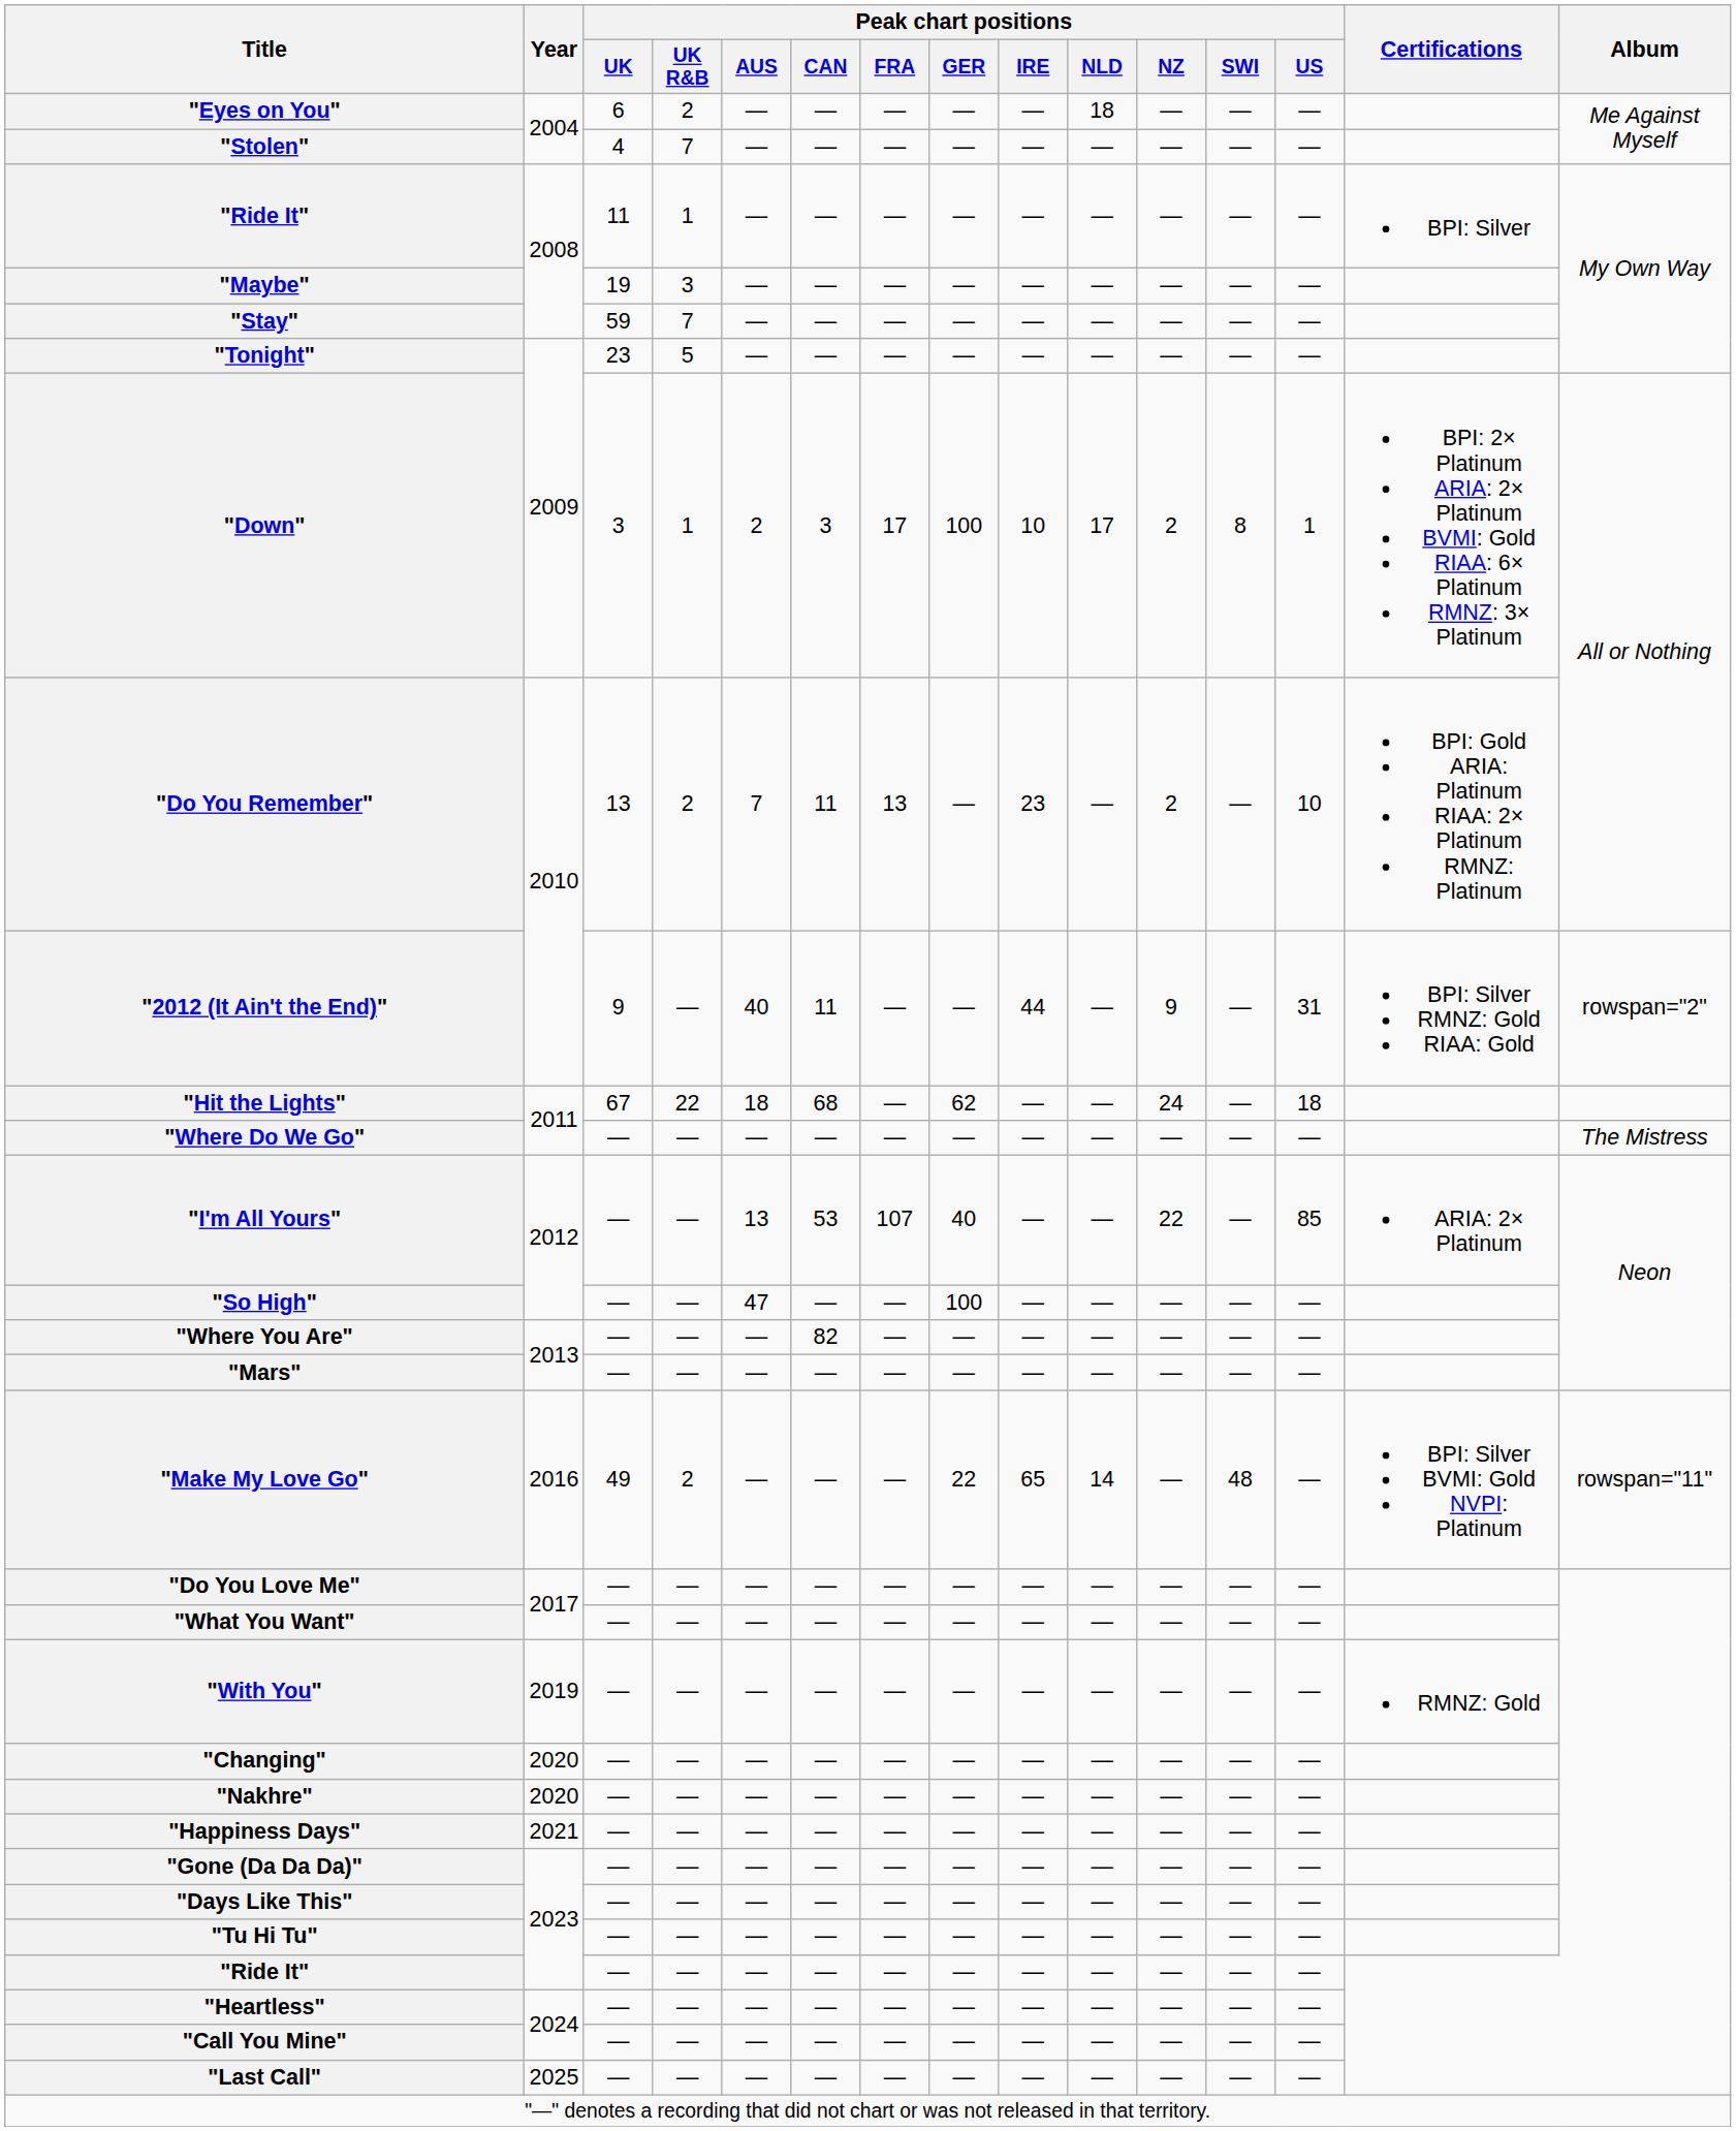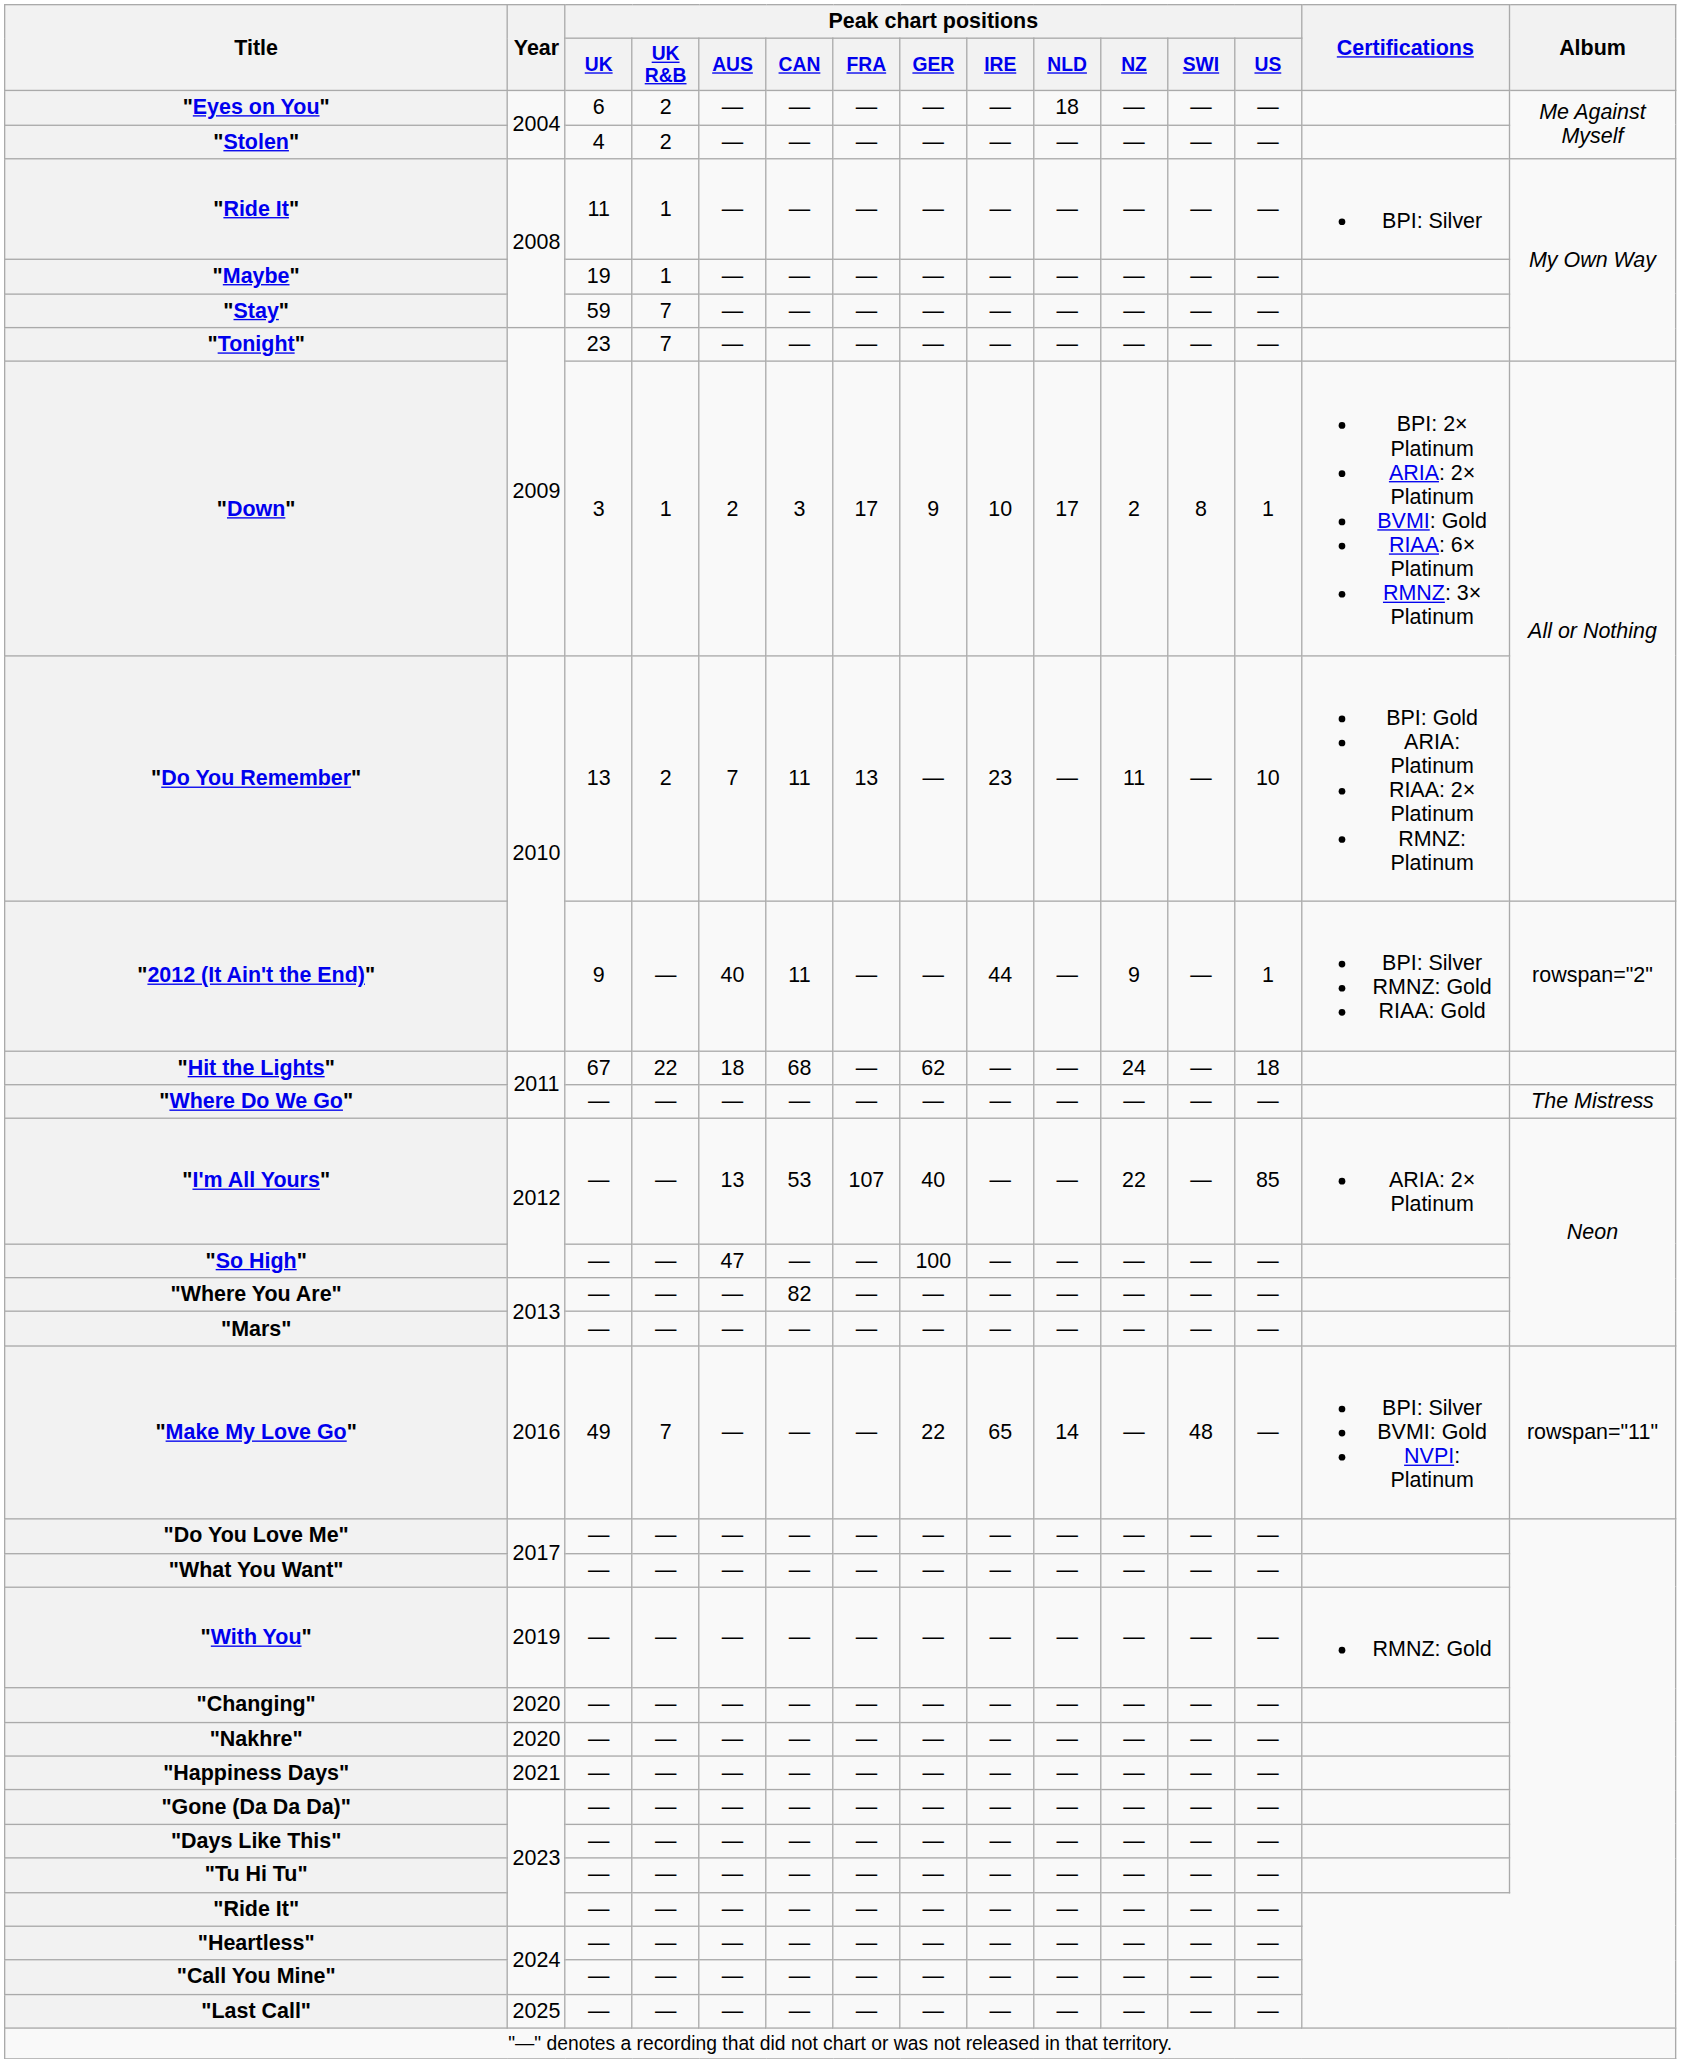 <table class="wikitable plainrowheaders" style="text-align:center;" border="1">
 <tr>
 <th scope="col" rowspan="2" style="width:23em;">Title</th>
 <th scope="col" rowspan="2" style="width:1em;">Year</th>
 <th scope="col" colspan="11">Peak chart positions</th>
 <th scope="col" rowspan="2"><a href='#'>Certifications</a></th>
 <th scope="col" rowspan="2">Album</th>
 </tr>
 <tr>
 <th scope="col" style="width:3em;font-size:90%;"><a href='#'>UK</a><br></th>
 <th scope="col" style="width:3em;font-size:90%;"><a href='#'>UK R&B</a><br></th>
 <th scope="col" style="width:3em;font-size:90%;"><a href='#'>AUS</a><br></th>
 <th scope="col" style="width:3em;font-size:90%;"><a href='#'>CAN</a><br></th>
 <th scope="col" style="width:3em;font-size:90%;"><a href='#'>FRA</a><br></th>
 <th scope="col" style="width:3em;font-size:90%;"><a href='#'>GER</a><br></th>
 <th scope="col" style="width:3em;font-size:90%;"><a href='#'>IRE</a><br></th>
 <th scope="col" style="width:3em;font-size:90%;"><a href='#'>NLD</a><br></th>
 <th scope="col" style="width:3em;font-size:90%;"><a href='#'>NZ</a><br></th>
 <th scope="col" style="width:3em;font-size:90%;"><a href='#'>SWI</a><br></th>
 <th scope="col" style="width:3em;font-size:90%;"><a href='#'>US</a><br></th>
 </tr>
 <tr>
 <th scope="row">"<a href='#'>Eyes on You</a>"</th>
 <td rowspan="2">2004</td>
 <td>6</td>
 <td>2</td>
 <td>—</td>
 <td>—</td>
 <td>—</td>
 <td>—</td>
 <td>—</td>
 <td>18</td>
 <td>—</td>
 <td>—</td>
 <td>—</td>
 <td></td>
 <td rowspan="2"><em>Me Against Myself</em></td>
 </tr>
 <tr>
 <th scope="row">"<a href='#'>Stolen</a>"</th>
 <td>4</td>
-<td>7</td>
+<td>2</td>
 <td>—</td>
 <td>—</td>
 <td>—</td>
 <td>—</td>
 <td>—</td>
 <td>—</td>
 <td>—</td>
 <td>—</td>
 <td>—</td>
 <td></td>
 </tr>
 <tr>
 <th scope="row">"<a href='#'>Ride It</a>"</th>
 <td rowspan="3">2008</td>
 <td>11</td>
 <td>1</td>
 <td>—</td>
 <td>—</td>
 <td>—</td>
 <td>—</td>
 <td>—</td>
 <td>—</td>
 <td>—</td>
 <td>—</td>
 <td>—</td>
 <td><br><ul><li>BPI: Silver</li></ul></td>
 <td rowspan="4"><em>My Own Way</em></td>
 </tr>
 <tr>
 <th scope="row">"<a href='#'>Maybe</a>"</th>
 <td>19</td>
-<td>3</td>
+<td>1</td>
 <td>—</td>
 <td>—</td>
 <td>—</td>
 <td>—</td>
 <td>—</td>
 <td>—</td>
 <td>—</td>
 <td>—</td>
 <td>—</td>
 <td></td>
 </tr>
 <tr>
 <th scope="row">"<a href='#'>Stay</a>"</th>
 <td>59</td>
 <td>7</td>
 <td>—</td>
 <td>—</td>
 <td>—</td>
 <td>—</td>
 <td>—</td>
 <td>—</td>
 <td>—</td>
 <td>—</td>
 <td>—</td>
 <td></td>
 </tr>
 <tr>
 <th scope="row">"<a href='#'>Tonight</a>"</th>
 <td rowspan="2">2009</td>
 <td>23</td>
-<td>5</td>
+<td>7</td>
 <td>—</td>
 <td>—</td>
 <td>—</td>
 <td>—</td>
 <td>—</td>
 <td>—</td>
 <td>—</td>
 <td>—</td>
 <td>—</td>
 <td></td>
 </tr>
 <tr>
 <th scope="row">"<a href='#'>Down</a>"<br></th>
 <td>3</td>
 <td>1</td>
 <td>2</td>
 <td>3</td>
 <td>17</td>
-<td>100</td>
+<td>9</td>
 <td>10</td>
 <td>17</td>
 <td>2</td>
 <td>8</td>
 <td>1</td>
 <td><br><ul><li>BPI: 2× Platinum</li><li><a href='#'>ARIA</a>: 2× Platinum</li><li><a href='#'>BVMI</a>: Gold</li><li><a href='#'>RIAA</a>: 6× Platinum</li><li><a href='#'>RMNZ</a>: 3× Platinum</li></ul></td>
 <td rowspan="2"><em>All or Nothing</em></td>
 </tr>
 <tr>
 <th scope="row">"<a href='#'>Do You Remember</a>"<br></th>
 <td rowspan="2">2010</td>
 <td>13</td>
 <td>2</td>
 <td>7</td>
 <td>11</td>
 <td>13</td>
 <td>—</td>
 <td>23</td>
 <td>—</td>
-<td>2</td>
+<td>11</td>
 <td>—</td>
 <td>10</td>
 <td><br><ul><li>BPI: Gold</li><li>ARIA: Platinum</li><li>RIAA: 2× Platinum</li><li>RMNZ: Platinum</li></ul></td>
 </tr>
 <tr>
 <th scope="row">"<a href='#'>2012 (It Ain't the End)</a>"<br></th>
 <td>9</td>
 <td>—</td>
 <td>40</td>
 <td>11</td>
 <td>—</td>
 <td>—</td>
 <td>44</td>
 <td>—</td>
 <td>9</td>
 <td>—</td>
-<td>31</td>
+<td>1</td>
 <td><br><ul><li>BPI: Silver</li><li>RMNZ: Gold</li><li>RIAA: Gold</li></ul></td>
 <td>rowspan="2" </td>
 </tr>
 <tr>
 <th scope="row">"<a href='#'>Hit the Lights</a>"<br></th>
 <td rowspan="2">2011</td>
 <td>67</td>
 <td>22</td>
 <td>18</td>
 <td>68</td>
 <td>—</td>
 <td>62</td>
 <td>—</td>
 <td>—</td>
 <td>24</td>
 <td>—</td>
 <td>18</td>
 <td></td>
 </tr>
 <tr>
 <th scope="row">"<a href='#'>Where Do We Go</a>"</th>
 <td>—</td>
 <td>—</td>
 <td>—</td>
 <td>—</td>
 <td>—</td>
 <td>—</td>
 <td>—</td>
 <td>—</td>
 <td>—</td>
 <td>—</td>
 <td>—</td>
 <td></td>
 <td><em>The Mistress</em></td>
 </tr>
 <tr>
 <th scope="row">"<a href='#'>I'm All Yours</a>"<br></th>
 <td rowspan="2">2012</td>
 <td>—</td>
 <td>—</td>
 <td>13</td>
 <td>53</td>
 <td>107</td>
 <td>40</td>
 <td>—</td>
 <td>—</td>
 <td>22</td>
 <td>—</td>
 <td>85</td>
 <td><br><ul><li>ARIA: 2× Platinum</li></ul></td>
 <td rowspan="4"><em>Neon</em></td>
 </tr>
 <tr>
 <th scope="row">"<a href='#'>So High</a>"</th>
 <td>—</td>
 <td>—</td>
 <td>47</td>
 <td>—</td>
 <td>—</td>
 <td>100</td>
 <td>—</td>
 <td>—</td>
 <td>—</td>
 <td>—</td>
 <td>—</td>
 <td></td>
 </tr>
 <tr>
 <th scope="row">"Where You Are"</th>
 <td rowspan="2">2013</td>
 <td>—</td>
 <td>—</td>
 <td>—</td>
 <td>82</td>
 <td>—</td>
 <td>—</td>
 <td>—</td>
 <td>—</td>
 <td>—</td>
 <td>—</td>
 <td>—</td>
 <td></td>
 </tr>
 <tr>
 <th scope="row">"Mars"<br></th>
 <td>—</td>
 <td>—</td>
 <td>—</td>
 <td>—</td>
 <td>—</td>
 <td>—</td>
 <td>—</td>
 <td>—</td>
 <td>—</td>
 <td>—</td>
 <td>—</td>
 <td></td>
 </tr>
 <tr>
 <th scope="row">"<a href='#'>Make My Love Go</a>"<br></th>
 <td>2016</td>
 <td>49</td>
-<td>2</td>
+<td>7</td>
 <td>—</td>
 <td>—</td>
 <td>—</td>
 <td>22</td>
 <td>65</td>
 <td>14</td>
 <td>—</td>
 <td>48</td>
 <td>—</td>
 <td><br><ul><li>BPI: Silver</li><li>BVMI: Gold</li><li><a href='#'>NVPI</a>: Platinum</li></ul></td>
 <td>rowspan="11" </td>
 </tr>
 <tr>
 <th scope="row">"Do You Love Me"</th>
 <td rowspan="2">2017</td>
 <td>—</td>
 <td>—</td>
 <td>—</td>
 <td>—</td>
 <td>—</td>
 <td>—</td>
 <td>—</td>
 <td>—</td>
 <td>—</td>
 <td>—</td>
 <td>—</td>
 <td></td>
 </tr>
 <tr>
 <th scope="row">"What You Want"<br></th>
 <td>—</td>
 <td>—</td>
 <td>—</td>
 <td>—</td>
 <td>—</td>
 <td>—</td>
 <td>—</td>
 <td>—</td>
 <td>—</td>
 <td>—</td>
 <td>—</td>
 <td></td>
 </tr>
 <tr>
 <th scope="row">"<a href='#'>With You</a>"<br></th>
 <td>2019</td>
 <td>—</td>
 <td>—</td>
 <td>—</td>
 <td>—</td>
 <td>—</td>
 <td>—</td>
 <td>—</td>
 <td>—</td>
 <td>—</td>
 <td>—</td>
 <td>—</td>
 <td><br><ul><li>RMNZ: Gold</li></ul></td>
 </tr>
 <tr>
 <th scope="row">"Changing"<br></th>
 <td>2020</td>
 <td>—</td>
 <td>—</td>
 <td>—</td>
 <td>—</td>
 <td>—</td>
 <td>—</td>
 <td>—</td>
 <td>—</td>
 <td>—</td>
 <td>—</td>
 <td>—</td>
 <td></td>
 </tr>
 <tr>
 <th scope="row">"Nakhre"<br></th>
 <td>2020</td>
 <td>—</td>
 <td>—</td>
 <td>—</td>
 <td>—</td>
 <td>—</td>
 <td>—</td>
 <td>—</td>
 <td>—</td>
 <td>—</td>
 <td>—</td>
 <td>—</td>
 <td></td>
 </tr>
 <tr>
 <th scope="row">"Happiness Days"</th>
 <td>2021</td>
 <td>—</td>
 <td>—</td>
 <td>—</td>
 <td>—</td>
 <td>—</td>
 <td>—</td>
 <td>—</td>
 <td>—</td>
 <td>—</td>
 <td>—</td>
 <td>—</td>
 <td></td>
 </tr>
 <tr>
 <th scope="row">"Gone (Da Da Da)"<br></th>
 <td rowspan=4>2023</td>
 <td>—</td>
 <td>—</td>
 <td>—</td>
 <td>—</td>
 <td>—</td>
 <td>—</td>
 <td>—</td>
 <td>—</td>
 <td>—</td>
 <td>—</td>
 <td>—</td>
 <td></td>
 </tr>
 <tr>
 <th scope="row">"Days Like This"<br></th>
 <td>—</td>
 <td>—</td>
 <td>—</td>
 <td>—</td>
 <td>—</td>
 <td>—</td>
 <td>—</td>
 <td>—</td>
 <td>—</td>
 <td>—</td>
 <td>—</td>
 <td></td>
 </tr>
 <tr>
 <th scope="row">"Tu Hi Tu"</th>
 <td>—</td>
 <td>—</td>
 <td>—</td>
 <td>—</td>
 <td>—</td>
 <td>—</td>
 <td>—</td>
 <td>—</td>
 <td>—</td>
 <td>—</td>
 <td>—</td>
 <td></td>
 </tr>
 <tr>
 <th scope="row">"Ride It"<br></th>
 <td>—</td>
 <td>—</td>
 <td>—</td>
 <td>—</td>
 <td>—</td>
 <td>—</td>
 <td>—</td>
 <td>—</td>
 <td>—</td>
 <td>—</td>
 <td>—</td>
 </tr>
 <tr>
 <th scope="row">"Heartless"</th>
 <td rowspan=2>2024</td>
 <td>—</td>
 <td>—</td>
 <td>—</td>
 <td>—</td>
 <td>—</td>
 <td>—</td>
 <td>—</td>
 <td>—</td>
 <td>—</td>
 <td>—</td>
 <td>—</td>
 </tr>
 <tr>
 <th scope="row">"Call You Mine"</th>
 <td>—</td>
 <td>—</td>
 <td>—</td>
 <td>—</td>
 <td>—</td>
 <td>—</td>
 <td>—</td>
 <td>—</td>
 <td>—</td>
 <td>—</td>
 <td>—</td>
 </tr>
 <tr>
 <th scope="row">"Last Call"</th>
 <td>2025</td>
 <td>—</td>
 <td>—</td>
 <td>—</td>
 <td>—</td>
 <td>—</td>
 <td>—</td>
 <td>—</td>
 <td>—</td>
 <td>—</td>
 <td>—</td>
 <td>—</td>
 </tr>
 <tr>
 <td colspan="16" style="font-size:90%">"—" denotes a recording that did not chart or was not released in that territory.</td>
 </tr>
 </table>
